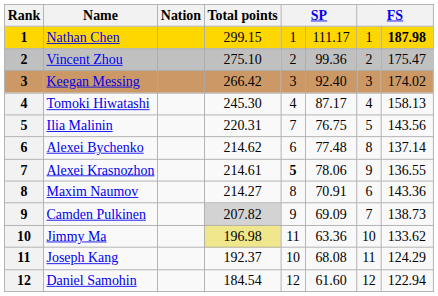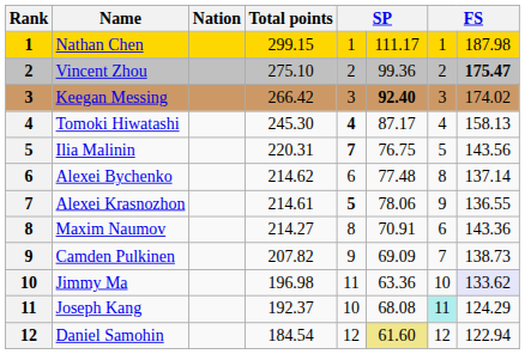 <table class="wikitable sortable">
 <tr>
 <th>Rank</th>
 <th>Name</th>
 <th>Nation</th>
 <th>Total points</th>
 <th colspan="2" width="80px"><a href='#'>SP</a></th>
 <th colspan="2" width="80px"><a href='#'>FS</a></th>
 </tr>
 <tr bgcolor="gold">
 <td align="center"><strong>1</strong></td>
 <td><a href='#'>Nathan Chen</a></td>
 <td></td>
 <td align="center">299.15</td>
 <td align="center">1</td>
 <td align="center">111.17</td>
 <td align="center">1</td>
-<td align="center"><strong>187.98</strong></td>
+<td align="center">187.98</td>
 </tr>
 <tr bgcolor="silver">
 <td align="center"><strong>2</strong></td>
 <td><a href='#'>Vincent Zhou</a></td>
 <td></td>
 <td align="center">275.10</td>
 <td align="center">2</td>
 <td align="center">99.36</td>
 <td align="center">2</td>
-<td align="center">175.47</td>
+<td align="center"><strong>175.47</strong></td>
 </tr>
 <tr bgcolor="cc9966">
 <td align="center"><strong>3</strong></td>
 <td><a href='#'>Keegan Messing</a></td>
 <td></td>
 <td align="center">266.42</td>
 <td align="center">3</td>
-<td align="center">92.40</td>
+<td align="center"><strong>92.40</strong></td>
 <td align="center">3</td>
 <td align="center">174.02</td>
 </tr>
 <tr>
 <th>4</th>
 <td><a href='#'>Tomoki Hiwatashi</a></td>
 <td></td>
 <td align="center">245.30</td>
-<td align="center">4</td>
+<td align="center"><strong>4</strong></td>
 <td align="center">87.17</td>
 <td align="center">4</td>
 <td align="center">158.13</td>
 </tr>
 <tr>
 <th>5</th>
 <td><a href='#'>Ilia Malinin</a></td>
 <td></td>
 <td align="center">220.31</td>
-<td align="center">7</td>
+<td align="center"><strong>7</strong></td>
 <td align="center">76.75</td>
 <td align="center">5</td>
 <td align="center">143.56</td>
 </tr>
 <tr>
 <th>6</th>
 <td><a href='#'>Alexei Bychenko</a></td>
 <td></td>
 <td align="center">214.62</td>
 <td align="center">6</td>
 <td align="center">77.48</td>
 <td align="center">8</td>
 <td align="center">137.14</td>
 </tr>
 <tr>
 <th>7</th>
 <td><a href='#'>Alexei Krasnozhon</a></td>
 <td></td>
 <td align="center">214.61</td>
 <td align="center"><strong>5</strong></td>
 <td align="center">78.06</td>
 <td align="center">9</td>
 <td align="center">136.55</td>
 </tr>
 <tr>
 <th>8</th>
 <td><a href='#'>Maxim Naumov</a></td>
 <td></td>
 <td align="center">214.27</td>
 <td align="center">8</td>
 <td align="center">70.91</td>
 <td align="center">6</td>
 <td align="center">143.36</td>
 </tr>
 <tr>
 <th>9</th>
 <td><a href='#'>Camden Pulkinen</a></td>
 <td></td>
-<td align="center" style="background: lightgrey;">207.82</td>
+<td align="center">207.82</td>
 <td align="center">9</td>
 <td align="center">69.09</td>
 <td align="center">7</td>
 <td align="center">138.73</td>
 </tr>
 <tr>
 <th>10</th>
 <td><a href='#'>Jimmy Ma</a></td>
 <td></td>
-<td align="center" style="background: khaki;">196.98</td>
+<td align="center">196.98</td>
 <td align="center">11</td>
 <td align="center">63.36</td>
 <td align="center">10</td>
-<td align="center">133.62</td>
+<td align="center" style="background: lavender;">133.62</td>
 </tr>
 <tr>
 <th>11</th>
 <td><a href='#'>Joseph Kang</a></td>
 <td></td>
 <td align="center">192.37</td>
 <td align="center">10</td>
 <td align="center">68.08</td>
-<td align="center">11</td>
+<td align="center" style="background: paleturquoise;">11</td>
 <td align="center">124.29</td>
 </tr>
 <tr>
 <th>12</th>
 <td><a href='#'>Daniel Samohin</a></td>
 <td></td>
 <td align="center">184.54</td>
 <td align="center">12</td>
-<td align="center">61.60</td>
+<td align="center" style="background: khaki;">61.60</td>
 <td align="center">12</td>
 <td align="center">122.94</td>
 </tr>
 </table>
